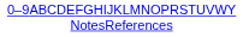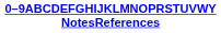 <table id="toc" class="toc" summary="Class" align="center" style="text-align:center;">
 <tr>
 <th></th>
 </tr>
 <tr>
-<td><a href='#'>0–9</a><a href='#'>A</a><a href='#'>B</a><a href='#'>C</a><a href='#'>D</a><a href='#'>E</a><a href='#'>F</a><a href='#'>G</a><a href='#'>H</a><a href='#'>I</a><a href='#'>J</a><a href='#'>K</a><a href='#'>L</a><a href='#'>M</a><a href='#'>N</a><a href='#'>O</a><a href='#'>P</a><a href='#'>R</a><a href='#'>S</a><a href='#'>T</a><a href='#'>U</a><a href='#'>V</a><a href='#'>W</a><a href='#'>Y</a><br><a href='#'>Notes</a><a href='#'>References</a></td>
+<td><strong><a href='#'>0–9</a><a href='#'>A</a><a href='#'>B</a><a href='#'>C</a><a href='#'>D</a><a href='#'>E</a><a href='#'>F</a><a href='#'>G</a><a href='#'>H</a><a href='#'>I</a><a href='#'>J</a><a href='#'>K</a><a href='#'>L</a><a href='#'>M</a><a href='#'>N</a><a href='#'>O</a><a href='#'>P</a><a href='#'>R</a><a href='#'>S</a><a href='#'>T</a><a href='#'>U</a><a href='#'>V</a><a href='#'>W</a><a href='#'>Y</a><br><a href='#'>Notes</a><a href='#'>References</a></strong></td>
 </tr>
 </table>
